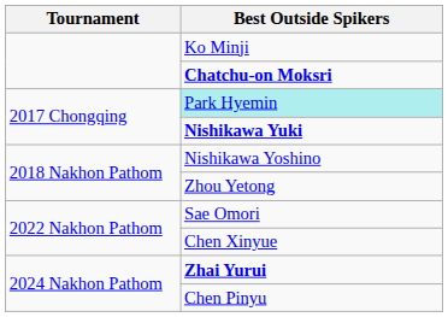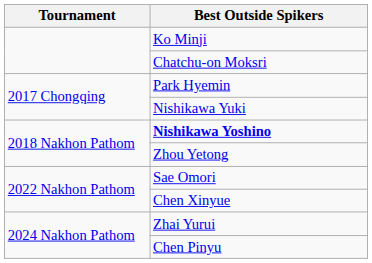 <table class=wikitable style="width: 400px;">
 <tr>
 <th style="width: 40%;">Tournament</th>
 <th style="width: 60%;">Best Outside Spikers</th>
 </tr>
 <tr>
 <td rowspan=2></td>
 <td> <a href='#'>Ko Minji</a></td>
 </tr>
 <tr>
-<td><strong> <a href='#'>Chatchu-on Moksri</a></strong></td>
+<td> <a href='#'>Chatchu-on Moksri</a></td>
 </tr>
 <tr>
 <td rowspan=2><a href='#'>2017 Chongqing</a></td>
-<td style="background: paleturquoise;"> <a href='#'>Park Hyemin</a></td>
+<td> <a href='#'>Park Hyemin</a></td>
 </tr>
 <tr>
-<td><strong> <a href='#'>Nishikawa Yuki</a></strong></td>
+<td> <a href='#'>Nishikawa Yuki</a></td>
 </tr>
 <tr>
 <td rowspan=2><a href='#'>2018 Nakhon Pathom</a></td>
-<td> <a href='#'>Nishikawa Yoshino</a></td>
+<td><strong> <a href='#'>Nishikawa Yoshino</a></strong></td>
 </tr>
 <tr>
 <td> <a href='#'>Zhou Yetong</a></td>
 </tr>
 <tr>
 <td rowspan=2><a href='#'>2022 Nakhon Pathom</a></td>
 <td> <a href='#'>Sae Omori</a></td>
 </tr>
 <tr>
 <td> <a href='#'>Chen Xinyue</a></td>
 </tr>
 <tr>
 <td rowspan=2><a href='#'>2024 Nakhon Pathom</a></td>
-<td><strong> <a href='#'>Zhai Yurui</a></strong></td>
+<td> <a href='#'>Zhai Yurui</a></td>
 </tr>
 <tr>
 <td> <a href='#'>Chen Pinyu</a></td>
 </tr>
 </table>
